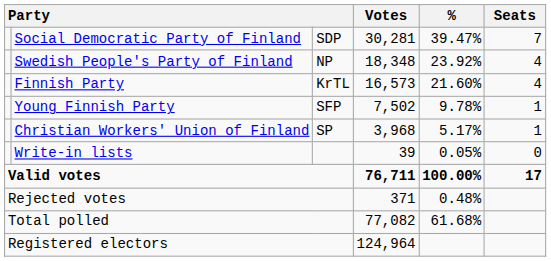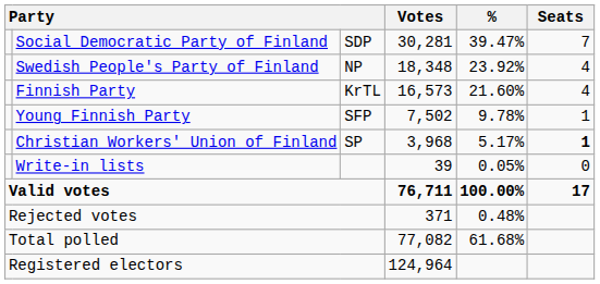 <table class="wikitable" border="1" style="text-align:right;">
 <tr>
 <th style="text-align:left;" colspan=3>Party</th>
 <th align=center width="50">Votes</th>
 <th align=center width="50">%</th>
 <th align=center width="50">Seats</th>
 </tr>
 <tr>
 <td></td>
 <td align=left style="white-space: nowrap;"><a href='#'>Social Democratic Party of Finland</a></td>
 <td align=left>SDP</td>
 <td>30,281</td>
 <td>39.47%</td>
 <td>7</td>
 </tr>
 <tr>
 <td></td>
 <td align=left><a href='#'>Swedish People's Party of Finland</a></td>
 <td align=left>NP</td>
 <td>18,348</td>
 <td>23.92%</td>
 <td>4</td>
 </tr>
 <tr>
 <td></td>
 <td align=left><a href='#'>Finnish Party</a></td>
 <td align=left>KrTL</td>
 <td>16,573</td>
 <td>21.60%</td>
 <td>4</td>
 </tr>
 <tr>
 <td></td>
 <td align=left><a href='#'>Young Finnish Party</a></td>
 <td align=left>SFP</td>
 <td>7,502</td>
 <td>9.78%</td>
 <td>1</td>
 </tr>
 <tr>
 <td></td>
 <td align=left><a href='#'>Christian Workers' Union of Finland</a></td>
 <td align=left>SP</td>
 <td>3,968</td>
 <td>5.17%</td>
-<td>1</td>
+<td><strong>1</strong></td>
 </tr>
 <tr>
 <td></td>
 <td align=left><a href='#'>Write-in lists</a></td>
 <td align=left></td>
 <td>39</td>
 <td>0.05%</td>
 <td>0</td>
 </tr>
 <tr style="font-weight:bold">
 <td align=left colspan=3>Valid votes</td>
 <td>76,711</td>
 <td>100.00%</td>
 <td>17</td>
 </tr>
 <tr>
 <td align=left colspan=3>Rejected votes</td>
 <td>371</td>
 <td>0.48%</td>
 <td></td>
 </tr>
 <tr>
 <td align=left colspan=3>Total polled</td>
 <td>77,082</td>
 <td>61.68%</td>
 <td></td>
 </tr>
 <tr>
 <td align=left colspan=3>Registered electors</td>
 <td>124,964</td>
 <td></td>
 <td></td>
 </tr>
 </table>
